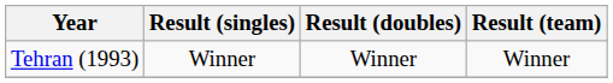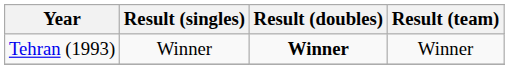 <table class="wikitable" style="text-align: center;">
 <tr>
 <th>Year</th>
 <th>Result (singles)</th>
 <th>Result (doubles)</th>
 <th>Result (team)</th>
 </tr>
 <tr>
 <td> <a href='#'>Tehran</a> (1993)</td>
 <td>Winner</td>
-<td>Winner</td>
+<td><strong>Winner</strong></td>
 <td>Winner</td>
 </tr>
 <tr>
 </tr>
 </table>
